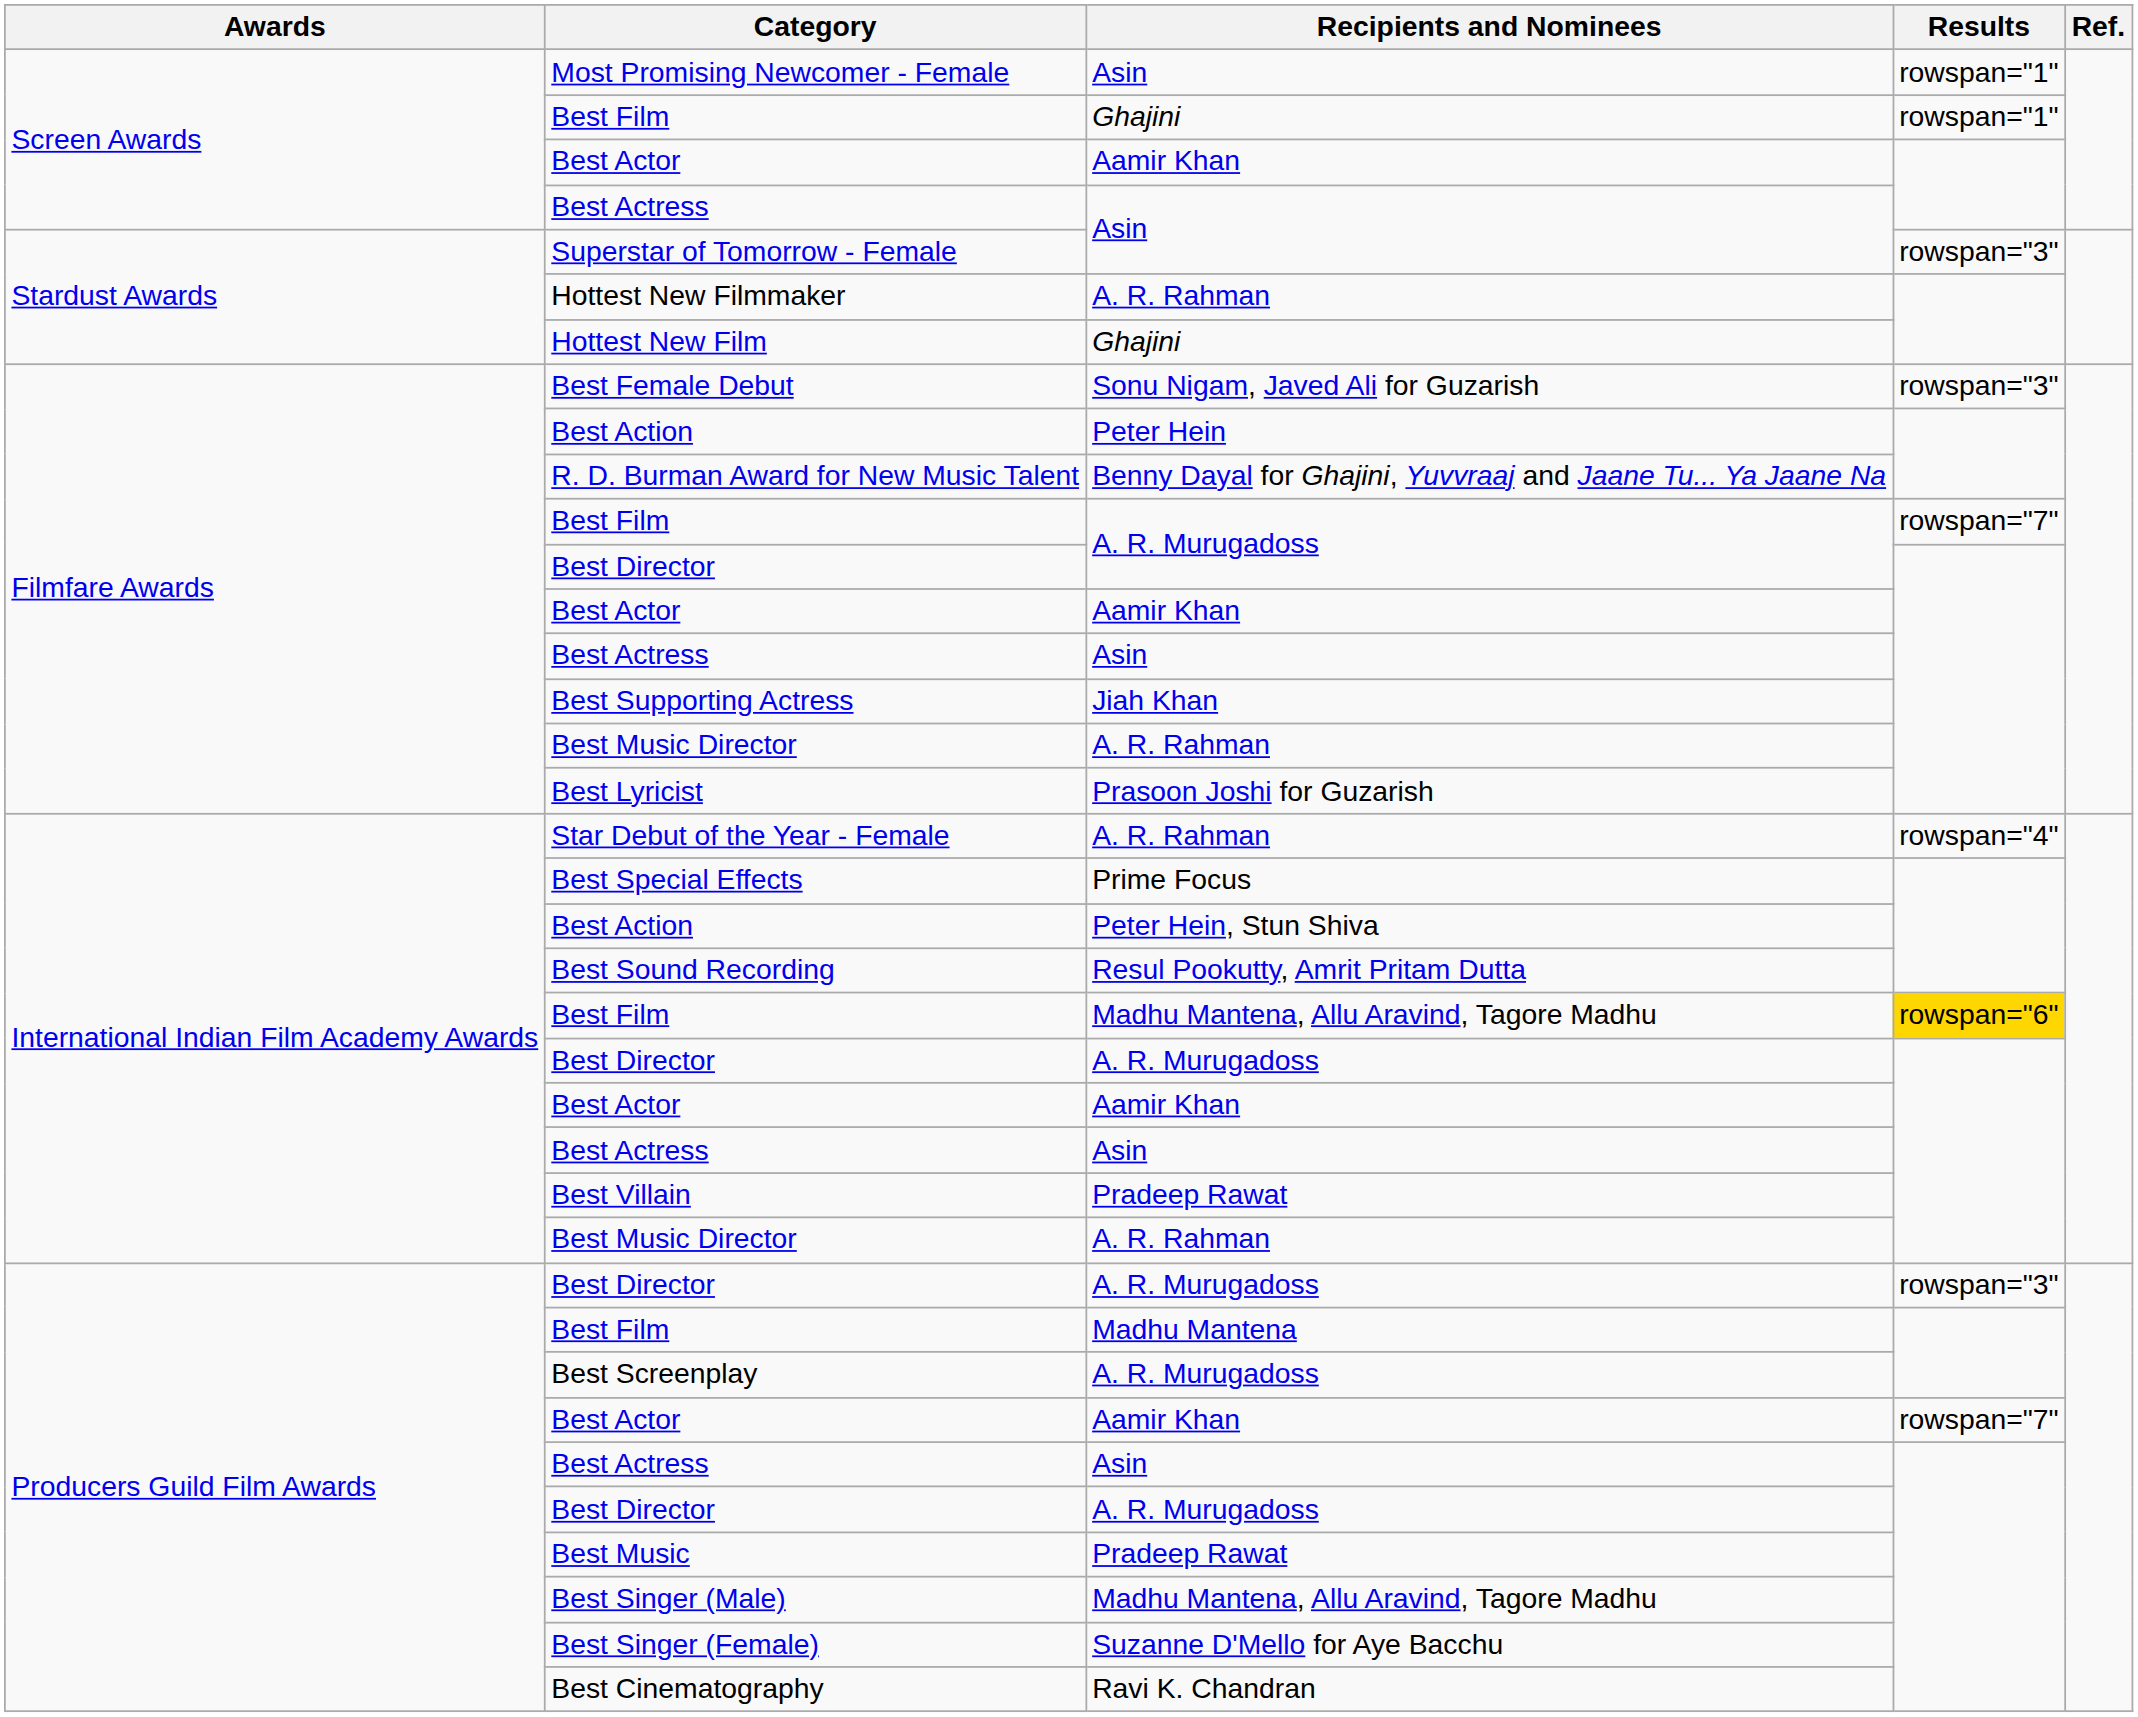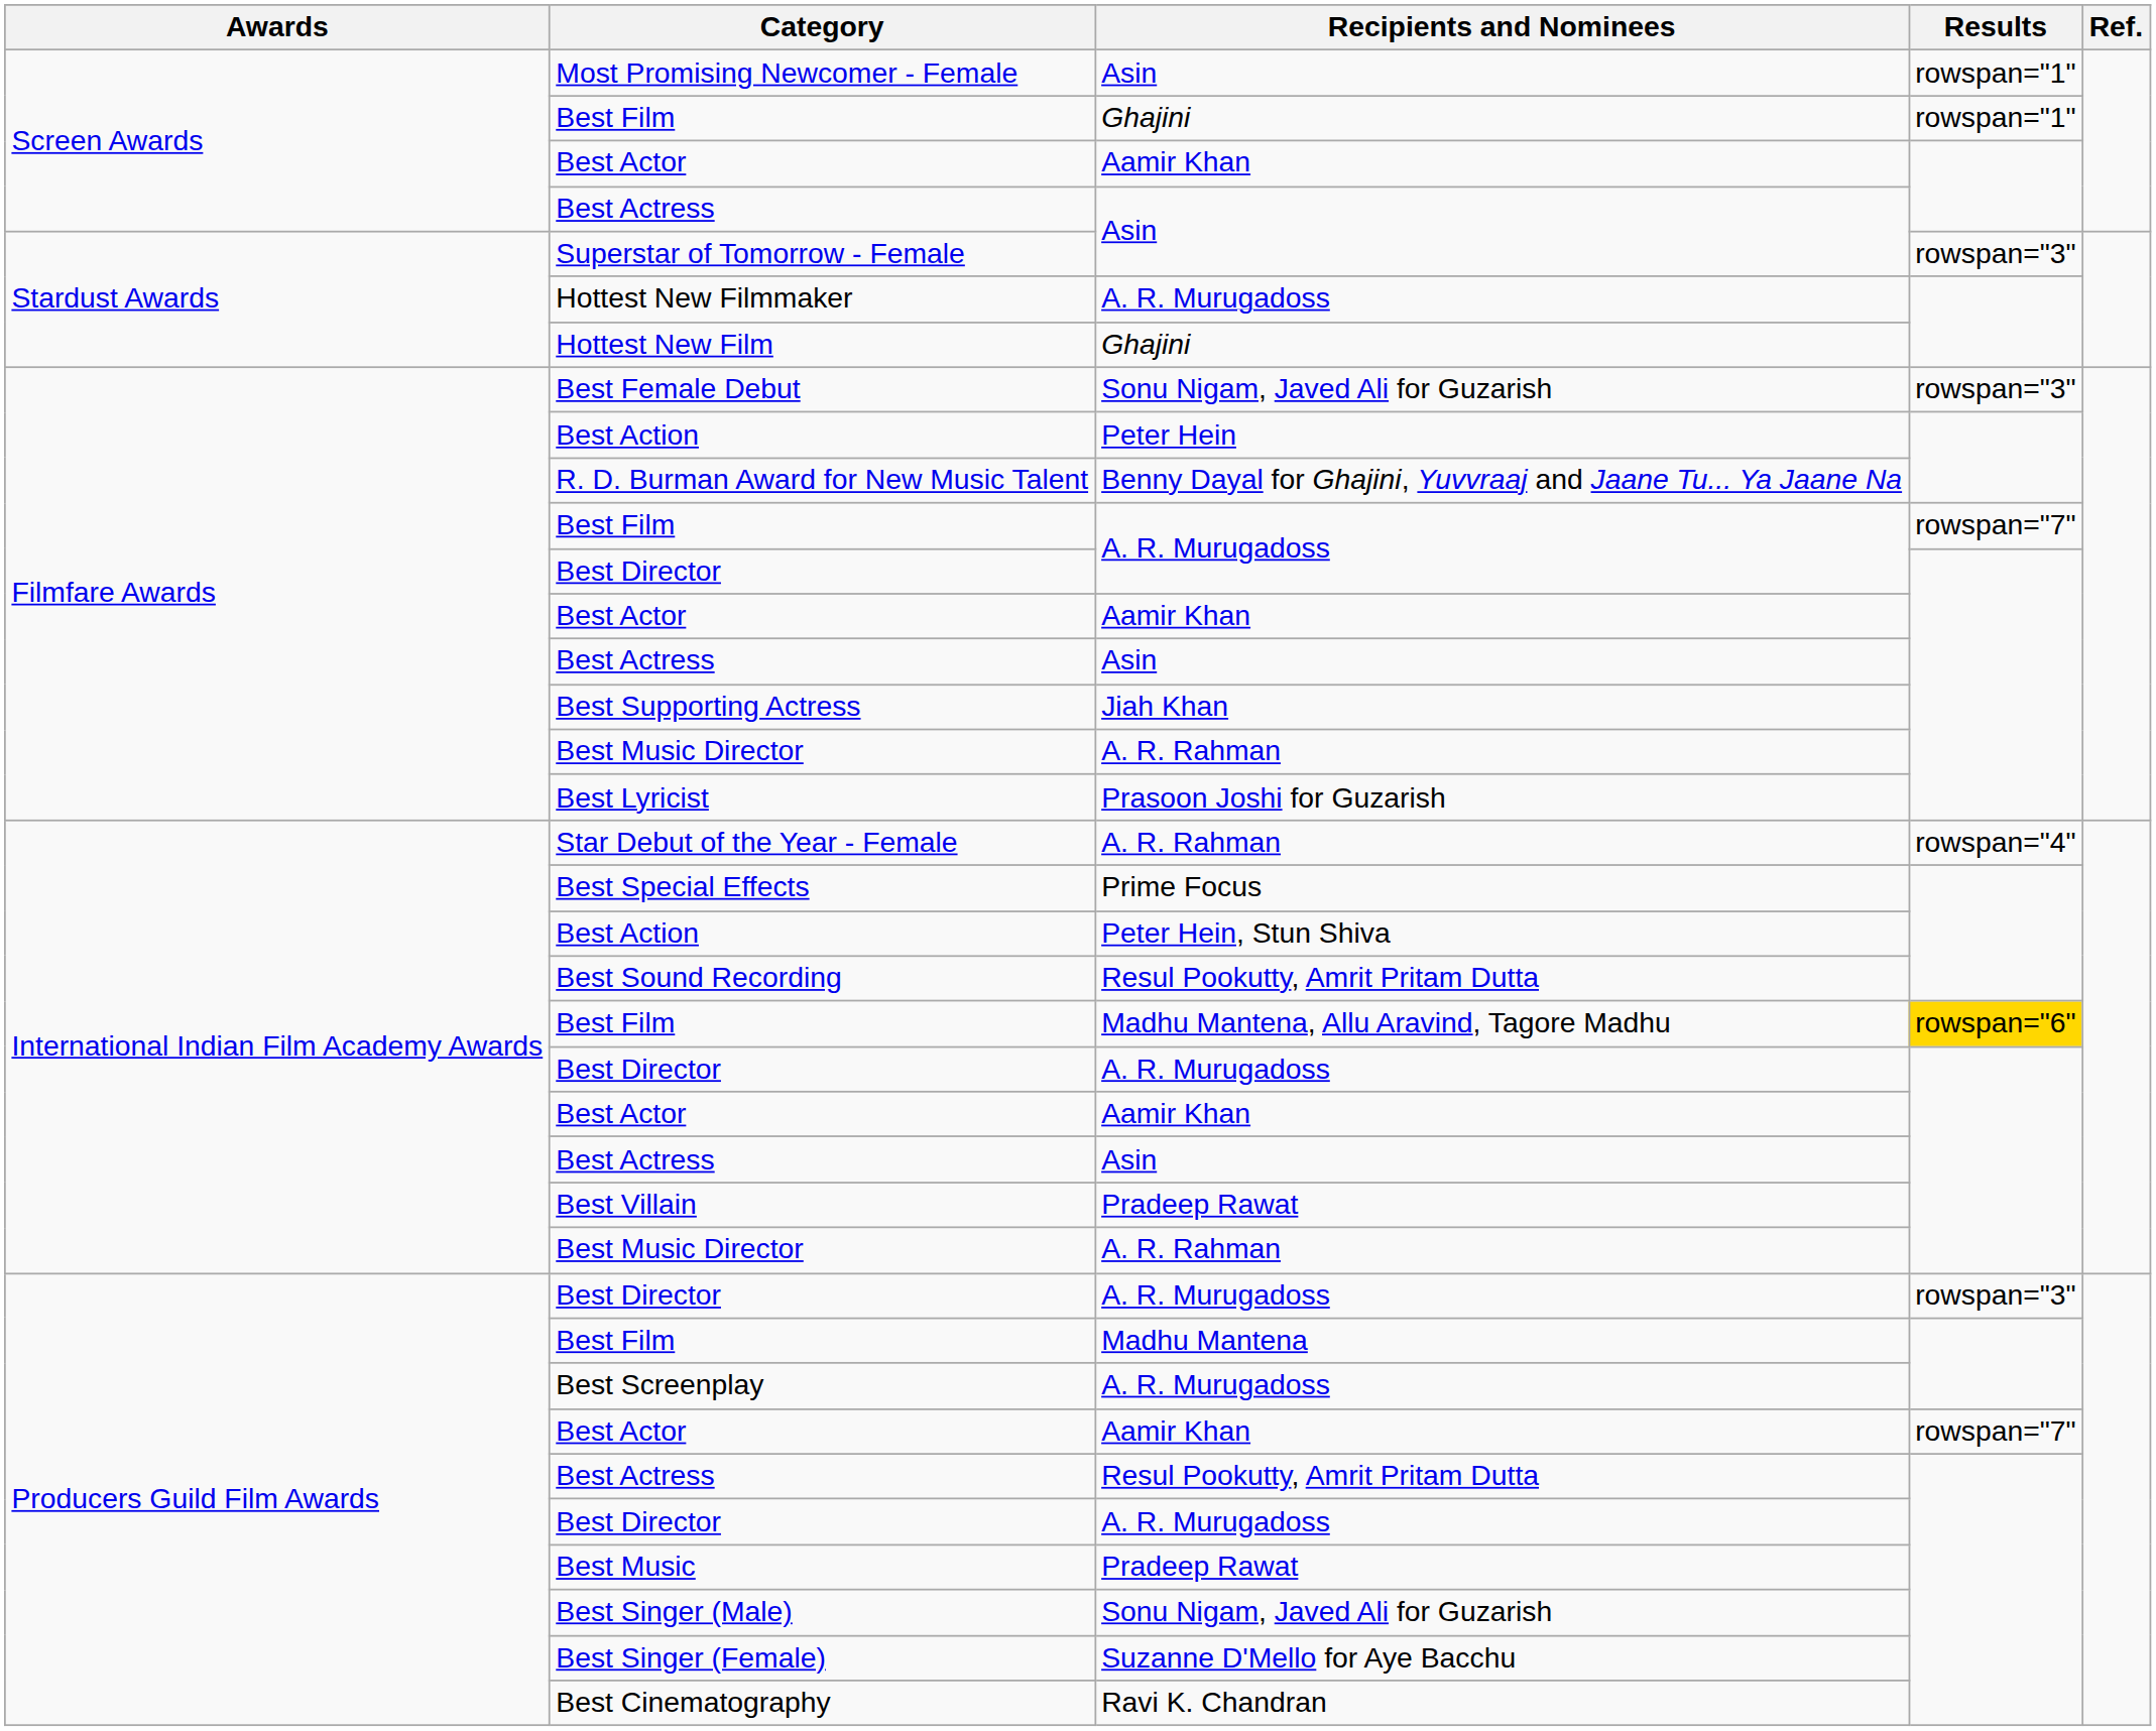 <table class="wikitable plainrowheaders sortable">
 <tr>
 <th>Awards</th>
 <th>Category</th>
 <th>Recipients and Nominees</th>
 <th>Results</th>
 <th>Ref.</th>
 </tr>
 <tr>
 <td rowspan="4"><a href='#'>Screen Awards</a></td>
 <td><a href='#'>Most Promising Newcomer - Female</a></td>
 <td><a href='#'>Asin</a></td>
 <td>rowspan="1" </td>
 <td rowspan="4"></td>
 </tr>
 <tr>
 <td><a href='#'>Best Film</a></td>
 <td><em>Ghajini</em></td>
 <td>rowspan="1" </td>
 </tr>
 <tr>
 <td><a href='#'>Best Actor</a></td>
 <td><a href='#'>Aamir Khan</a></td>
 </tr>
 <tr>
 <td><a href='#'>Best Actress</a></td>
 <td rowspan="2"><a href='#'>Asin</a></td>
 </tr>
 <tr>
 <td rowspan="3"><a href='#'>Stardust Awards</a></td>
 <td><a href='#'>Superstar of Tomorrow - Female</a></td>
 <td>rowspan="3" </td>
 <td rowspan="3"></td>
 </tr>
 <tr>
 <td>Hottest New Filmmaker</td>
-<td><a href='#'>A. R. Rahman</a></td>
+<td><a href='#'>A. R. Murugadoss</a></td>
 </tr>
 <tr>
 <td><a href='#'>Hottest New Film</a></td>
 <td><em>Ghajini</em></td>
 </tr>
 <tr>
 <td rowspan="10"><a href='#'>Filmfare Awards</a></td>
 <td><a href='#'>Best Female Debut</a></td>
 <td><a href='#'>Sonu Nigam</a>, <a href='#'>Javed Ali</a> for Guzarish</td>
 <td>rowspan="3" </td>
 <td rowspan="10"></td>
 </tr>
 <tr>
 <td><a href='#'>Best Action</a></td>
 <td><a href='#'>Peter Hein</a></td>
 </tr>
 <tr>
 <td><a href='#'>R. D. Burman Award for New Music Talent</a></td>
 <td><a href='#'>Benny Dayal</a> for <em>Ghajini</em>, <em><a href='#'>Yuvvraaj</a></em> and <em><a href='#'>Jaane Tu... Ya Jaane Na</a></em></td>
 </tr>
 <tr>
 <td><a href='#'>Best Film</a></td>
 <td rowspan="2"><a href='#'>A. R. Murugadoss</a></td>
 <td>rowspan="7" </td>
 </tr>
 <tr>
 <td><a href='#'>Best Director</a></td>
 </tr>
 <tr>
 <td><a href='#'>Best Actor</a></td>
 <td><a href='#'>Aamir Khan</a></td>
 </tr>
 <tr>
 <td><a href='#'>Best Actress</a></td>
 <td><a href='#'>Asin</a></td>
 </tr>
 <tr>
 <td><a href='#'>Best Supporting Actress</a></td>
 <td><a href='#'>Jiah Khan</a></td>
 </tr>
 <tr>
 <td><a href='#'>Best Music Director</a></td>
 <td><a href='#'>A. R. Rahman</a></td>
 </tr>
 <tr>
 <td><a href='#'>Best Lyricist</a></td>
 <td><a href='#'>Prasoon Joshi</a> for Guzarish</td>
 </tr>
 <tr>
 <td rowspan="10"><a href='#'>International Indian Film Academy Awards</a></td>
 <td><a href='#'>Star Debut of the Year - Female</a></td>
 <td><a href='#'>A. R. Rahman</a></td>
 <td>rowspan="4" </td>
 <td rowspan="10"></td>
 </tr>
 <tr>
 <td><a href='#'>Best Special Effects</a></td>
 <td>Prime Focus</td>
 </tr>
 <tr>
 <td><a href='#'>Best Action</a></td>
 <td><a href='#'>Peter Hein</a>, Stun Shiva</td>
 </tr>
 <tr>
 <td><a href='#'>Best Sound Recording</a></td>
 <td><a href='#'>Resul Pookutty</a>, <a href='#'>Amrit Pritam Dutta</a></td>
 </tr>
 <tr>
 <td><a href='#'>Best Film</a></td>
 <td><a href='#'>Madhu Mantena</a>, <a href='#'>Allu Aravind</a>, Tagore Madhu</td>
 <td style="background: gold;">rowspan="6" </td>
 </tr>
 <tr>
 <td><a href='#'>Best Director</a></td>
 <td><a href='#'>A. R. Murugadoss</a></td>
 </tr>
 <tr>
 <td><a href='#'>Best Actor</a></td>
 <td><a href='#'>Aamir Khan</a></td>
 </tr>
 <tr>
 <td><a href='#'>Best Actress</a></td>
 <td><a href='#'>Asin</a></td>
 </tr>
 <tr>
 <td><a href='#'>Best Villain</a></td>
 <td><a href='#'>Pradeep Rawat</a></td>
 </tr>
 <tr>
 <td><a href='#'>Best Music Director</a></td>
 <td><a href='#'>A. R. Rahman</a></td>
 </tr>
 <tr>
 <td rowspan="10"><a href='#'>Producers Guild Film Awards</a></td>
 <td><a href='#'>Best Director</a></td>
 <td><a href='#'>A. R. Murugadoss</a></td>
 <td>rowspan="3" </td>
 <td rowspan="10"></td>
 </tr>
 <tr>
 <td><a href='#'>Best Film</a></td>
 <td><a href='#'>Madhu Mantena</a></td>
 </tr>
 <tr>
 <td>Best Screenplay</td>
 <td><a href='#'>A. R. Murugadoss</a></td>
 </tr>
 <tr>
 <td><a href='#'>Best Actor</a></td>
 <td><a href='#'>Aamir Khan</a></td>
 <td>rowspan="7" </td>
 </tr>
 <tr>
 <td><a href='#'>Best Actress</a></td>
-<td><a href='#'>Asin</a></td>
+<td><a href='#'>Resul Pookutty</a>, <a href='#'>Amrit Pritam Dutta</a></td>
 </tr>
 <tr>
 <td><a href='#'>Best Director</a></td>
 <td><a href='#'>A. R. Murugadoss</a></td>
 </tr>
 <tr>
 <td><a href='#'>Best Music</a></td>
 <td><a href='#'>Pradeep Rawat</a></td>
 </tr>
 <tr>
 <td><a href='#'>Best Singer (Male)</a></td>
-<td><a href='#'>Madhu Mantena</a>, <a href='#'>Allu Aravind</a>, Tagore Madhu</td>
+<td><a href='#'>Sonu Nigam</a>, <a href='#'>Javed Ali</a> for Guzarish</td>
 </tr>
 <tr>
 <td><a href='#'>Best Singer (Female)</a></td>
 <td><a href='#'>Suzanne D'Mello</a> for Aye Bacchu</td>
 </tr>
 <tr>
 <td>Best Cinematography</td>
 <td>Ravi K. Chandran</td>
 </tr>
 </table>
